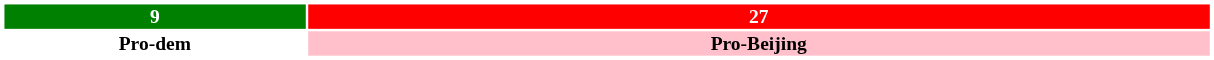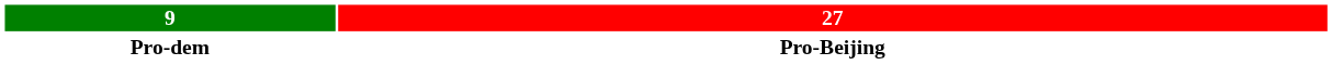 <table style="width:50%; text-align:center;">
 <tr style="color:white;">
 <td style="background:green; width:25%;"><strong>9</strong></td>
 <td style="background:red; width:75%;"><strong>27</strong></td>
 </tr>
 <tr>
 <td><span><strong>Pro-dem</strong></span></td>
-<td style="background: pink;"><span><strong>Pro-Beijing</strong></span></td>
+<td><span><strong>Pro-Beijing</strong></span></td>
 </tr>
 </table>
